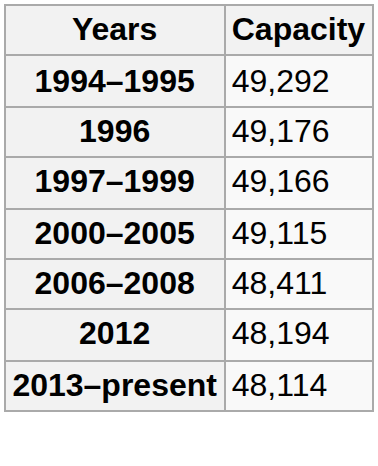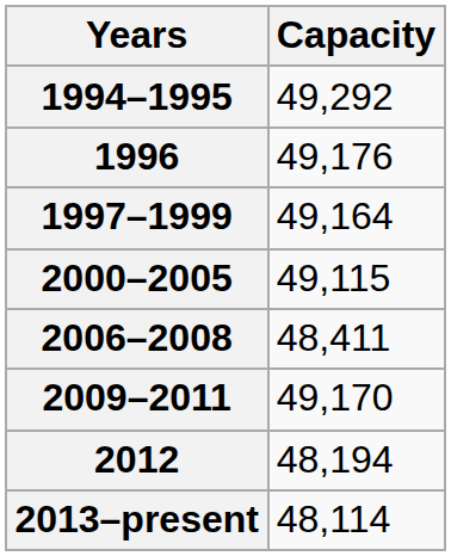 <table class="wikitable">
 <tr>
 <th scope="row">Years</th>
 <th scope="row">Capacity</th>
 </tr>
 <tr>
 <th scope="row">1994–1995</th>
 <td><div>49,292</div></td>
 </tr>
 <tr>
 <th scope="row">1996</th>
 <td><div>49,176</div></td>
 </tr>
 <tr>
 <th scope="row">1997–1999</th>
-<td><div>49,166</div></td>
+<td><div>49,164</div></td>
 </tr>
 <tr>
 <th scope="row">2000–2005</th>
 <td><div>49,115</div></td>
 </tr>
 <tr>
 <th scope="row">2006–2008</th>
 <td><div>48,411</div></td>
 </tr>
 <tr>
+<th scope="row">2009–2011</th>
+<td><div>49,170</div></td>
+</tr>
+<tr>
 <th scope="row">2012</th>
 <td>48,194</td>
 </tr>
 <tr>
 <th scope="row">2013–present</th>
 <td>48,114</td>
 </tr>
 </table>
